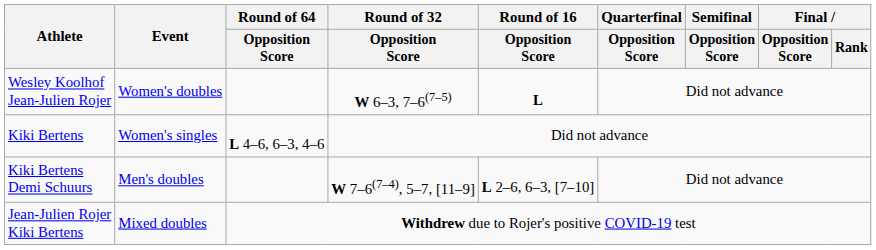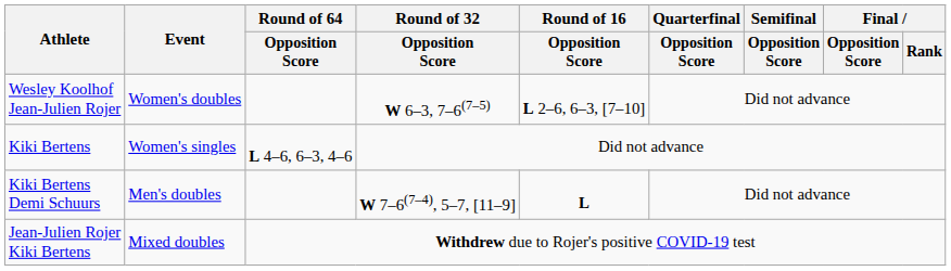 <table class=wikitable style="font-size:90%">
 <tr>
 <th rowspan="2">Athlete</th>
 <th rowspan="2">Event</th>
 <th>Round of 64</th>
 <th>Round of 32</th>
 <th>Round of 16</th>
 <th>Quarterfinal</th>
 <th>Semifinal</th>
 <th colspan=2>Final / </th>
 </tr>
 <tr style="font-size:95%">
 <th>Opposition<br>Score</th>
 <th>Opposition<br>Score</th>
 <th>Opposition<br>Score</th>
 <th>Opposition<br>Score</th>
 <th>Opposition<br>Score</th>
 <th>Opposition<br>Score</th>
 <th>Rank</th>
 </tr>
 <tr align=center>
 <td align=left><a href='#'>Wesley Koolhof</a><br><a href='#'>Jean-Julien Rojer</a></td>
 <td align=left><a href='#'>Women's doubles</a></td>
 <td></td>
 <td><br><strong>W</strong> 6–3, 7–6<sup>(7–5)</sup></td>
-<td><br><strong>L</strong> </td>
+<td><br><strong>L</strong> 2–6, 6–3, [7–10]</td>
 <td colspan=4>Did not advance</td>
 </tr>
 <tr align=center>
 <td align=left><a href='#'>Kiki Bertens</a></td>
 <td align=left><a href='#'>Women's singles</a></td>
 <td><br><strong>L</strong> 4–6, 6–3, 4–6</td>
 <td colspan=6>Did not advance</td>
 </tr>
 <tr align=center>
 <td align=left><a href='#'>Kiki Bertens</a><br><a href='#'>Demi Schuurs</a></td>
 <td align="left"><a href='#'>Men's doubles</a></td>
 <td></td>
 <td><br><strong>W</strong> 7–6<sup>(7–4)</sup>, 5–7, [11–9]</td>
-<td><br><strong>L</strong> 2–6, 6–3, [7–10]</td>
+<td><br><strong>L</strong> </td>
 <td colspan=4>Did not advance</td>
 </tr>
 <tr align=center>
 <td align=left><a href='#'>Jean-Julien Rojer</a><br><a href='#'>Kiki Bertens</a></td>
 <td align=left><a href='#'>Mixed doubles</a></td>
 <td colspan=7><strong>Withdrew</strong> due to Rojer's positive <a href='#'>COVID-19</a> test</td>
 </tr>
 </table>
